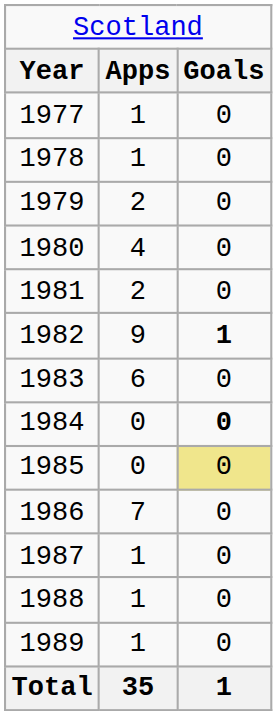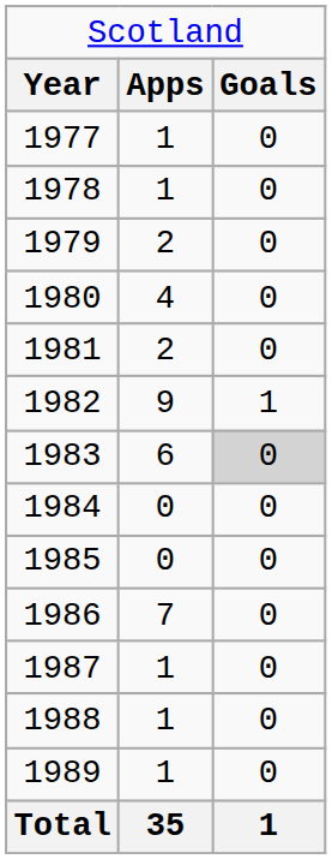 <table class="wikitable" style="text-align:center">
 <tr>
 <td colspan=3><a href='#'>Scotland</a></td>
 </tr>
 <tr>
 <th>Year</th>
 <th>Apps</th>
 <th>Goals</th>
 </tr>
 <tr>
 <td>1977</td>
 <td>1</td>
 <td>0</td>
 </tr>
 <tr>
 <td>1978</td>
 <td>1</td>
 <td>0</td>
 </tr>
 <tr>
 <td>1979</td>
 <td>2</td>
 <td>0</td>
 </tr>
 <tr>
 <td>1980</td>
 <td>4</td>
 <td>0</td>
 </tr>
 <tr>
 <td>1981</td>
 <td>2</td>
 <td>0</td>
 </tr>
 <tr>
 <td>1982</td>
 <td>9</td>
-<td><strong>1</strong></td>
+<td>1</td>
 </tr>
 <tr>
 <td>1983</td>
 <td>6</td>
-<td>0</td>
+<td style="background: lightgrey;">0</td>
 </tr>
 <tr>
 <td>1984</td>
 <td>0</td>
-<td><strong>0</strong></td>
+<td>0</td>
 </tr>
 <tr>
 <td>1985</td>
 <td>0</td>
-<td style="background: khaki;">0</td>
+<td>0</td>
 </tr>
 <tr>
 <td>1986</td>
 <td>7</td>
 <td>0</td>
 </tr>
 <tr>
 <td>1987</td>
 <td>1</td>
 <td>0</td>
 </tr>
 <tr>
 <td>1988</td>
 <td>1</td>
 <td>0</td>
 </tr>
 <tr>
 <td>1989</td>
 <td>1</td>
 <td>0</td>
 </tr>
 <tr>
 <th>Total</th>
 <th>35</th>
 <th>1</th>
 </tr>
 </table>
